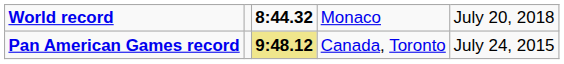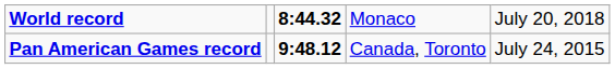 <table class="wikitable">
 <tr>
 <td><strong><a href='#'>World record</a></strong></td>
 <td></td>
 <td><strong>8:44.32</strong></td>
 <td><a href='#'>Monaco</a></td>
 <td>July 20, 2018</td>
 </tr>
 <tr>
 <td><strong><a href='#'>Pan American Games record</a></strong></td>
 <td></td>
-<td style="background: khaki;"><strong>9:48.12</strong></td>
+<td><strong>9:48.12</strong></td>
 <td><a href='#'>Canada</a>, <a href='#'>Toronto</a></td>
 <td>July 24, 2015</td>
 </tr>
 </table>
